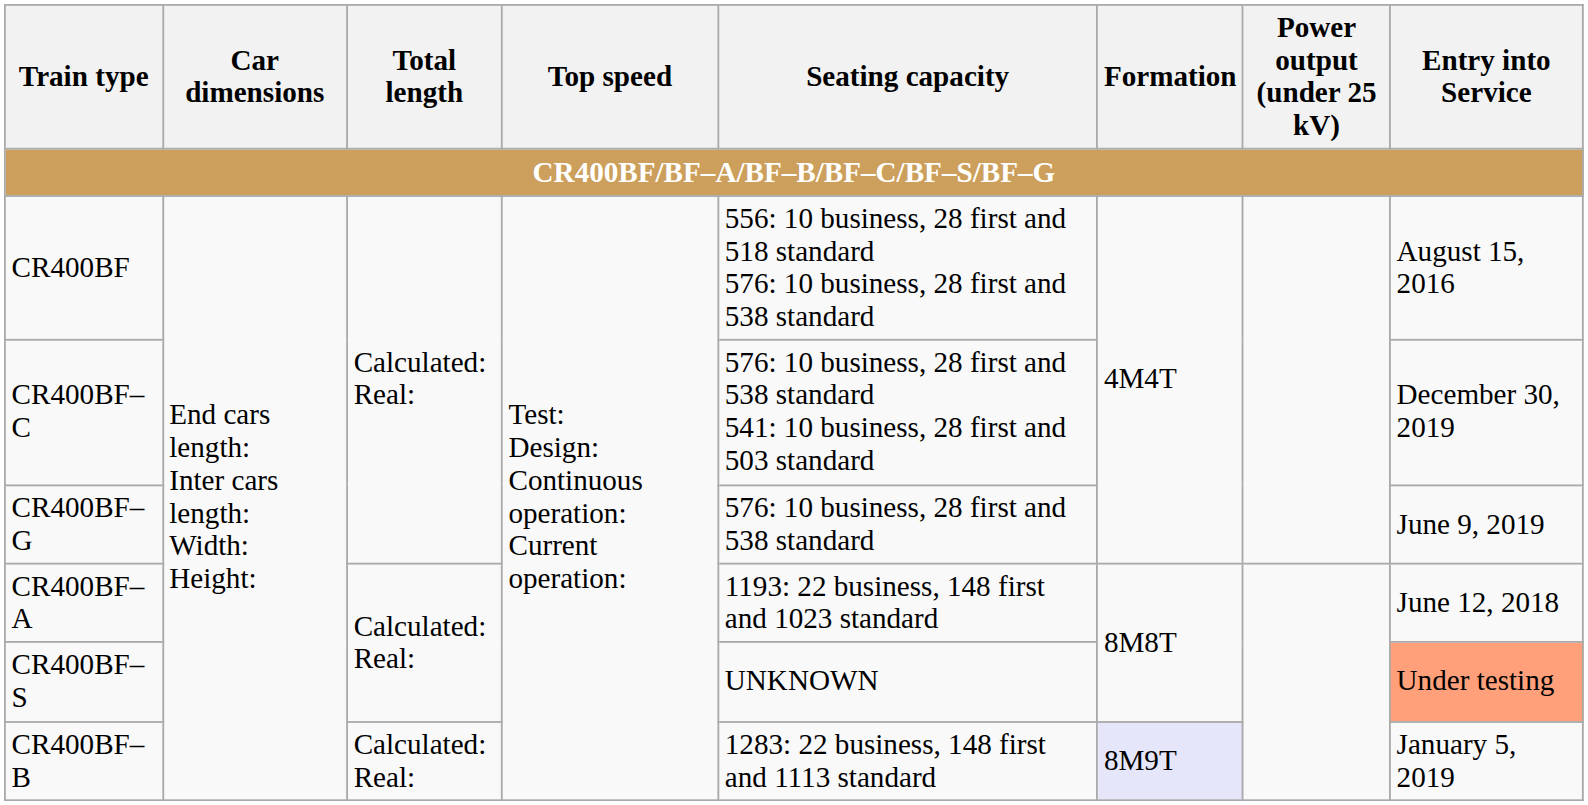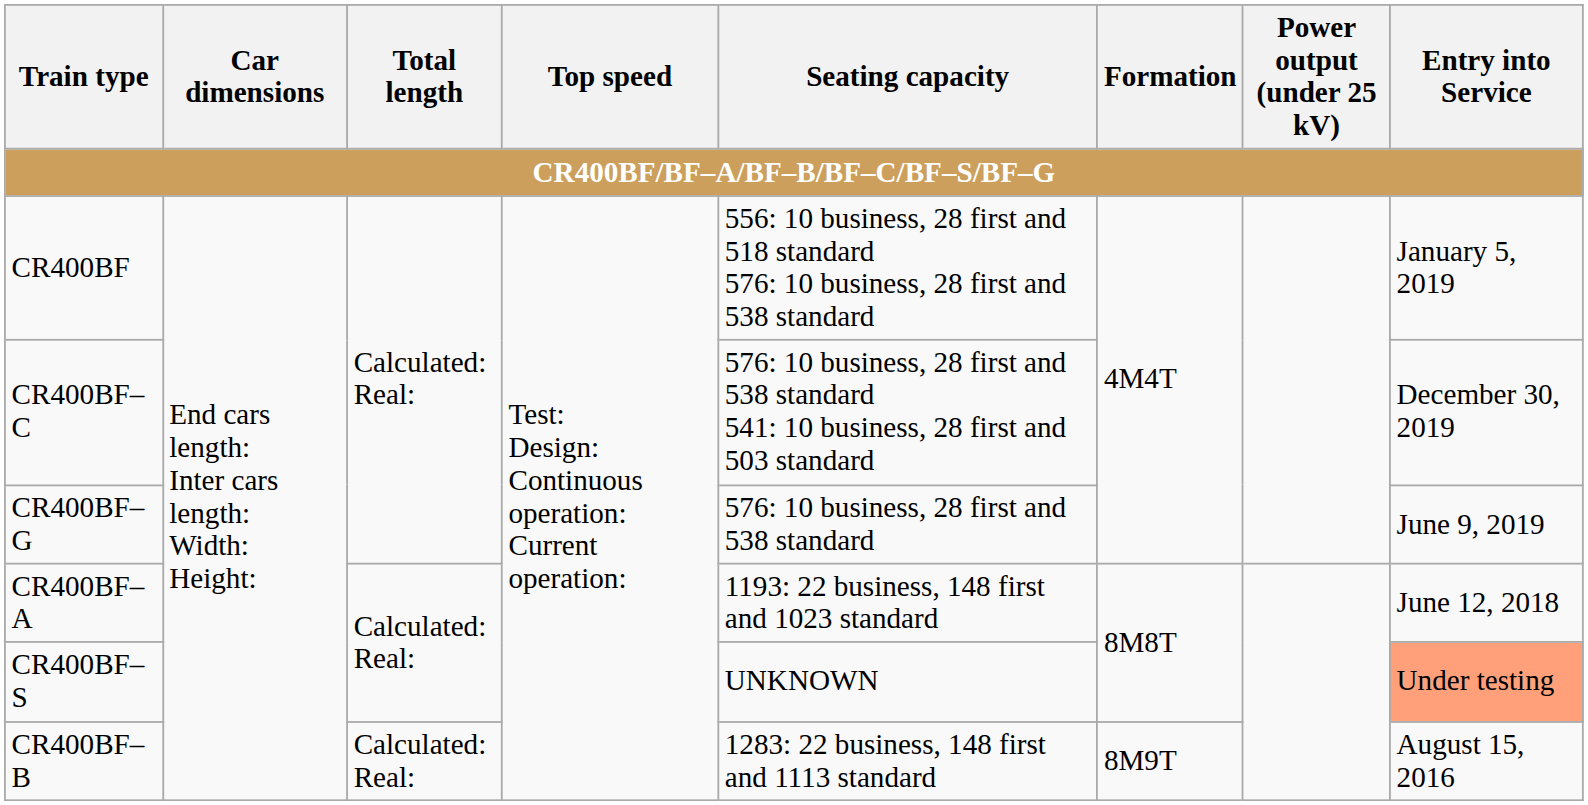 <table class="wikitable">
 <tr>
 <th>Train type</th>
 <th>Car dimensions</th>
 <th>Total length</th>
 <th>Top speed</th>
 <th>Seating capacity</th>
 <th>Formation</th>
 <th>Power output<br>(under 25 kV)</th>
 <th>Entry into Service</th>
 </tr>
 <tr>
 <th colspan=8 style="background-color:#cca05c; color:white">CR400BF/BF–A/BF–B/BF–C/BF–S/BF–G</th>
 </tr>
 <tr>
 <td>CR400BF</td>
 <td rowspan="6">End cars length: <br>Inter cars length: <br>Width: <br>Height: </td>
 <td rowspan="3">Calculated: <br>Real: </td>
 <td rowspan="6">Test: <br>Design: <br>Continuous operation: <br>Current operation: </td>
 <td>556: 10 business, 28 first and 518 standard<br>576: 10 business, 28 first and 538 standard</td>
 <td rowspan="3">4M4T</td>
 <td rowspan="3"></td>
-<td>August 15, 2016</td>
+<td>January 5, 2019</td>
 </tr>
 <tr>
 <td>CR400BF–C</td>
 <td>576: 10 business, 28 first and 538 standard<br>541: 10 business, 28 first and 503 standard</td>
 <td>December 30, 2019</td>
 </tr>
 <tr>
 <td>CR400BF–G</td>
 <td>576: 10 business, 28 first and 538 standard</td>
 <td>June 9, 2019</td>
 </tr>
 <tr>
 <td>CR400BF–A</td>
 <td rowspan="2">Calculated: <br>Real: </td>
 <td>1193: 22 business, 148 first and 1023 standard</td>
 <td rowspan="2">8M8T</td>
 <td rowspan="3"></td>
 <td>June 12, 2018</td>
 </tr>
 <tr>
 <td>CR400BF–S</td>
 <td>UNKNOWN</td>
 <td style="background: lightsalmon;">Under testing</td>
 </tr>
 <tr>
 <td>CR400BF–B</td>
 <td>Calculated: <br>Real: </td>
 <td>1283: 22 business, 148 first and 1113 standard</td>
-<td style="background: lavender;">8M9T</td>
-<td>January 5, 2019</td>
+<td>8M9T</td>
+<td>August 15, 2016</td>
 </tr>
 </table>
